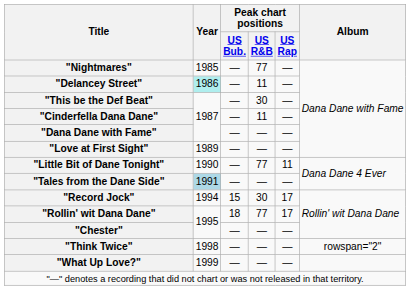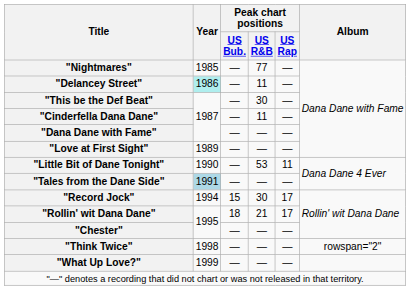 <table class="wikitable plainrowheaders" style="text-align:center;" border="1">
 <tr>
 <th scope="col" rowspan="2" style="width:18em;">Title</th>
 <th scope="col" rowspan="2">Year</th>
 <th scope="col" colspan="3">Peak chart positions</th>
 <th scope="col" rowspan="2">Album</th>
 </tr>
 <tr>
 <th width="30"><a href='#'>US Bub.</a><br></th>
 <th width="30"><a href='#'>US R&B</a><br></th>
 <th width="30"><a href='#'>US Rap</a><br></th>
 </tr>
 <tr>
 <th scope="row">"Nightmares"</th>
 <td>1985</td>
 <td style="text-align:center;">—</td>
 <td style="text-align:center;">77</td>
 <td style="text-align:center;">—</td>
 <td style="text-align:left;" rowspan="6"><em>Dana Dane with Fame</em></td>
 </tr>
 <tr>
 <th scope="row">"Delancey Street"</th>
 <td style="background: paleturquoise;">1986</td>
 <td style="text-align:center;">—</td>
 <td style="text-align:center;">11</td>
 <td style="text-align:center;">—</td>
 </tr>
 <tr>
 <th scope="row">"This be the Def Beat"</th>
 <td rowspan="3">1987</td>
 <td style="text-align:center;">—</td>
 <td style="text-align:center;">30</td>
 <td style="text-align:center;">—</td>
 </tr>
 <tr>
 <th scope="row">"Cinderfella Dana Dane"</th>
 <td style="text-align:center;">—</td>
 <td style="text-align:center;">11</td>
 <td style="text-align:center;">—</td>
 </tr>
 <tr>
 <th scope="row">"Dana Dane with Fame"</th>
 <td style="text-align:center;">—</td>
 <td style="text-align:center;">—</td>
 <td style="text-align:center;">—</td>
 </tr>
 <tr>
 <th scope="row">"Love at First Sight"</th>
 <td>1989</td>
 <td style="text-align:center;">—</td>
 <td style="text-align:center;">—</td>
 <td style="text-align:center;">—</td>
 </tr>
 <tr>
 <th scope="row">"Little Bit of Dane Tonight"</th>
 <td>1990</td>
 <td style="text-align:center;">—</td>
-<td style="text-align:center;">77</td>
+<td style="text-align:center;">53</td>
 <td style="text-align:center;">11</td>
 <td style="text-align:left;" rowspan="2"><em>Dana Dane 4 Ever</em></td>
 </tr>
 <tr>
 <th scope="row">"Tales from the Dane Side"</th>
 <td style="background: lightblue;">1991</td>
 <td style="text-align:center;">—</td>
 <td style="text-align:center;">—</td>
 <td style="text-align:center;">—</td>
 </tr>
 <tr>
 <th scope="row">"Record Jock"</th>
 <td>1994</td>
 <td style="text-align:center;">15</td>
 <td style="text-align:center;">30</td>
 <td style="text-align:center;">17</td>
 <td style="text-align:left;" rowspan="3"><em>Rollin' wit Dana Dane</em></td>
 </tr>
 <tr>
 <th scope="row">"Rollin' wit Dana Dane"</th>
 <td rowspan="2">1995</td>
 <td style="text-align:center;">18</td>
-<td style="text-align:center;">77</td>
+<td style="text-align:center;">21</td>
 <td style="text-align:center;">17</td>
 </tr>
 <tr>
 <th scope="row">"Chester"</th>
 <td style="text-align:center;">—</td>
 <td style="text-align:center;">—</td>
 <td style="text-align:center;">—</td>
 </tr>
 <tr>
 <th scope="row">"Think Twice"</th>
 <td>1998</td>
 <td style="text-align:center;">—</td>
 <td style="text-align:center;">—</td>
 <td style="text-align:center;">—</td>
 <td>rowspan="2" </td>
 </tr>
 <tr>
 <th scope="row">"What Up Love?"</th>
 <td>1999</td>
 <td style="text-align:center;">—</td>
 <td style="text-align:center;">—</td>
 <td style="text-align:center;">—</td>
 </tr>
 <tr>
 <td colspan="15" style="font-size:90%">"—" denotes a recording that did not chart or was not released in that territory.</td>
 </tr>
 </table>
